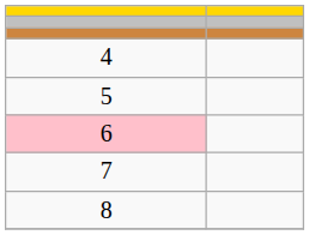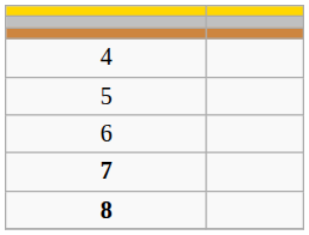 <table class="wikitable" style="width:200px;">
 <tr style="background:gold;">
 <td align=center></td>
 <td></td>
 </tr>
 <tr style="background:silver;">
 <td align=center></td>
 <td></td>
 </tr>
 <tr style="background:peru;">
 <td align=center></td>
 <td></td>
 </tr>
 <tr>
 <td align=center>4</td>
 <td></td>
 </tr>
 <tr>
 <td align=center>5</td>
 <td></td>
 </tr>
 <tr>
-<td align=center style="background: pink;">6</td>
+<td align=center>6</td>
 <td></td>
 </tr>
 <tr>
-<td align=center>7</td>
+<td align=center><strong>7</strong></td>
 <td></td>
 </tr>
 <tr>
-<td align=center>8</td>
+<td align=center><strong>8</strong></td>
 <td></td>
 </tr>
 <tr>
 </tr>
 </table>
